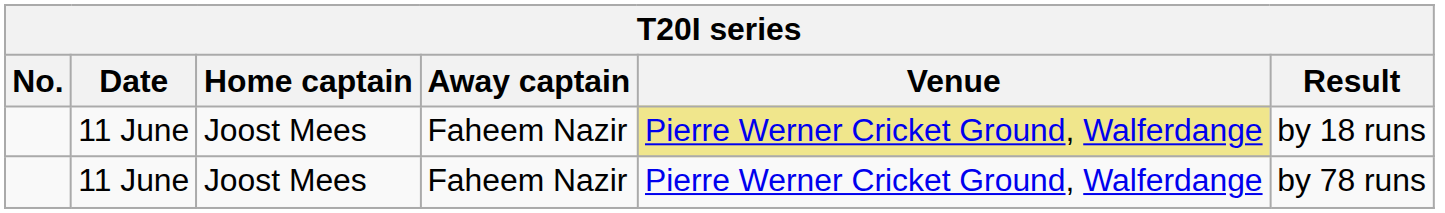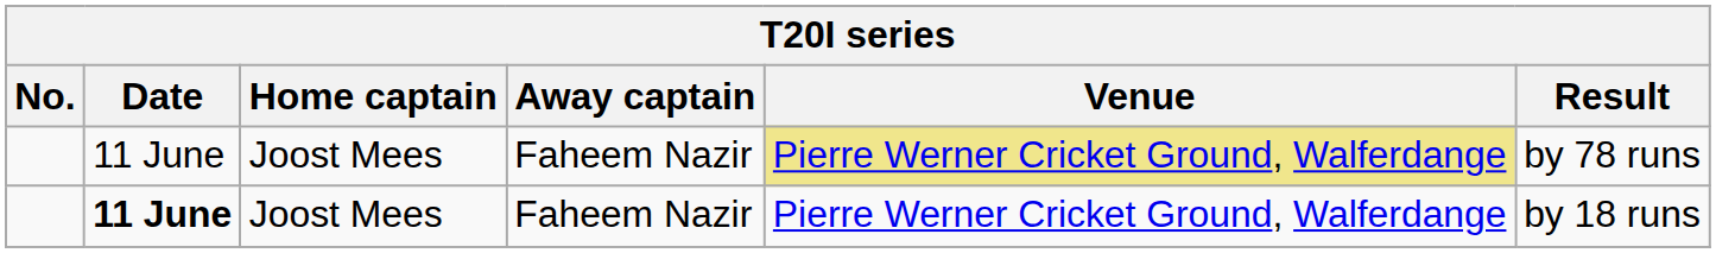 <table class="wikitable">
 <tr>
 <th colspan="6">T20I series</th>
 </tr>
 <tr>
 <th>No.</th>
 <th>Date</th>
 <th>Home captain</th>
 <th>Away captain</th>
 <th>Venue</th>
 <th>Result</th>
 </tr>
 <tr>
 <td></td>
 <td>11 June</td>
 <td>Joost Mees</td>
 <td>Faheem Nazir</td>
 <td style="background: khaki;"><a href='#'>Pierre Werner Cricket Ground</a>, <a href='#'>Walferdange</a></td>
-<td> by 18 runs</td>
+<td> by 78 runs</td>
 </tr>
 <tr>
 <td></td>
-<td>11 June</td>
+<td><strong>11 June</strong></td>
 <td>Joost Mees</td>
 <td>Faheem Nazir</td>
 <td><a href='#'>Pierre Werner Cricket Ground</a>, <a href='#'>Walferdange</a></td>
-<td> by 78 runs</td>
+<td> by 18 runs</td>
 </tr>
 </table>
